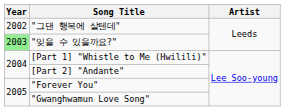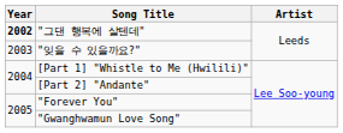 <table class="wikitable">
 <tr>
 <th scope="col">Year</th>
 <th>Song Title</th>
 <th>Artist</th>
 </tr>
 <tr>
-<td>2002</td>
+<td><strong>2002</strong></td>
 <td>"그댄 행복에 살텐데"</td>
 <td rowspan="2" style="text-align:center">Leeds</td>
 </tr>
 <tr>
-<td style="background: lightgreen;">2003</td>
+<td>2003</td>
 <td>"잊을 수 있을까요?"</td>
 </tr>
 <tr>
 <td rowspan="2">2004</td>
 <td>[Part 1]  "Whistle to Me (Hwilili)"</td>
 <td rowspan="4" style="text-align:center"><a href='#'>Lee Soo-young</a></td>
 </tr>
 <tr>
 <td>[Part 2] "Andante"</td>
 </tr>
 <tr>
 <td rowspan="2">2005</td>
 <td> "Forever You"</td>
 </tr>
 <tr>
 <td> "Gwanghwamun Love Song"</td>
 </tr>
 </table>
